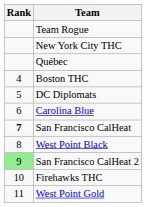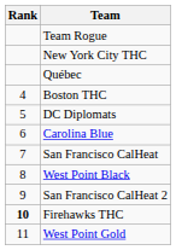 <table class="wikitable">
 <tr>
 <th>Rank</th>
 <th>Team</th>
 </tr>
 <tr>
 <td align=center></td>
 <td align="left">Team Rogue</td>
 </tr>
 <tr>
 <td align=center></td>
 <td align="left">New York City THC</td>
 </tr>
 <tr>
 <td align=center></td>
 <td align="left">Québec</td>
 </tr>
 <tr>
 <td align=center>4</td>
 <td align="left">Boston THC</td>
 </tr>
 <tr>
 <td align=center>5</td>
 <td align="left">DC Diplomats</td>
 </tr>
 <tr>
 <td align=center>6</td>
 <td align="left"><a href='#'>Carolina Blue</a></td>
 </tr>
 <tr>
-<td align=center><strong>7</strong></td>
+<td align=center>7</td>
 <td align="left">San Francisco CalHeat</td>
 </tr>
 <tr>
 <td align=center>8</td>
 <td align="left"><a href='#'>West Point Black</a></td>
 </tr>
 <tr>
-<td align=center style="background: lightgreen;">9</td>
+<td align=center>9</td>
 <td align="left">San Francisco CalHeat 2</td>
 </tr>
 <tr>
-<td align=center>10</td>
+<td align=center><strong>10</strong></td>
 <td align="left">Firehawks THC</td>
 </tr>
 <tr>
 <td align=center>11</td>
 <td align="left"><a href='#'>West Point Gold</a></td>
 </tr>
 </table>
